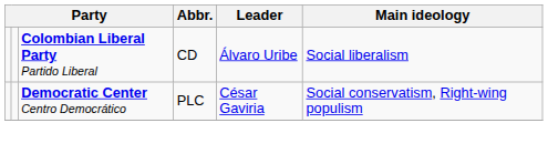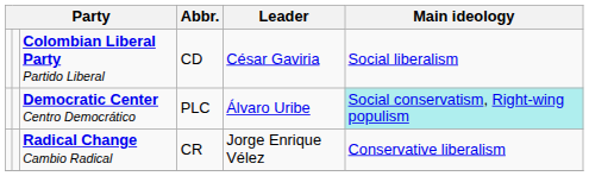 <table class="wikitable" style="font-size:100%">
 <tr>
 <th colspan=3>Party</th>
 <th>Abbr.</th>
 <th>Leader</th>
 <th>Main ideology</th>
 </tr>
 <tr>
 <td style="background-color: "></td>
 <td></td>
 <td><strong><a href='#'>Colombian Liberal Party</a></strong><br><small><em>Partido Liberal</em></small></td>
 <td>CD</td>
-<td><a href='#'>Álvaro Uribe</a></td>
+<td><a href='#'>César Gaviria</a></td>
 <td><a href='#'>Social liberalism</a><br></td>
 </tr>
 <tr>
 <td style="background-color: "></td>
 <td></td>
 <td><strong><a href='#'>Democratic Center</a></strong><br><small><em>Centro Democrático</em></small></td>
 <td>PLC</td>
-<td><a href='#'>César Gaviria</a></td>
-<td><a href='#'>Social conservatism</a>, <a href='#'>Right-wing populism</a><br></td>
+<td><a href='#'>Álvaro Uribe</a></td>
+<td style="background: paleturquoise;"><a href='#'>Social conservatism</a>, <a href='#'>Right-wing populism</a><br></td>
+</tr>
+<tr>
+<td style="background-color: "></td>
+<td></td>
+<td><strong><a href='#'>Radical Change</a></strong><br><small><em>Cambio Radical</em></small></td>
+<td>CR</td>
+<td>Jorge Enrique Vélez</td>
+<td><a href='#'>Conservative liberalism</a></td>
 </tr>
 <tr>
 </tr>
 </table>
